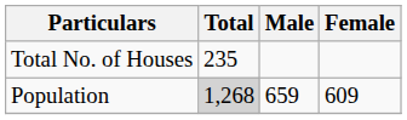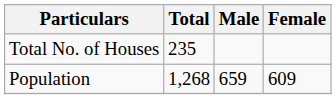 <table class="wikitable sortable">
 <tr>
 <th>Particulars</th>
 <th>Total</th>
 <th>Male</th>
 <th>Female</th>
 </tr>
 <tr>
 <td>Total No. of Houses</td>
 <td>235</td>
 <td></td>
 <td></td>
 </tr>
 <tr>
 <td>Population</td>
-<td style="background: lightgrey;">1,268</td>
+<td>1,268</td>
 <td>659</td>
 <td>609</td>
 </tr>
 <tr>
 </tr>
 </table>
